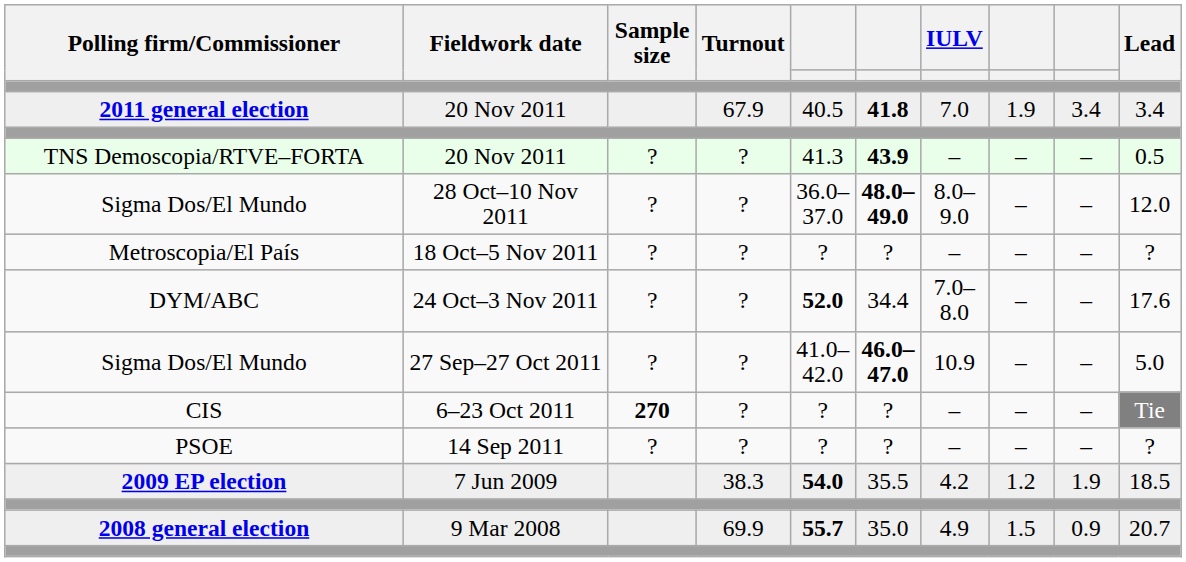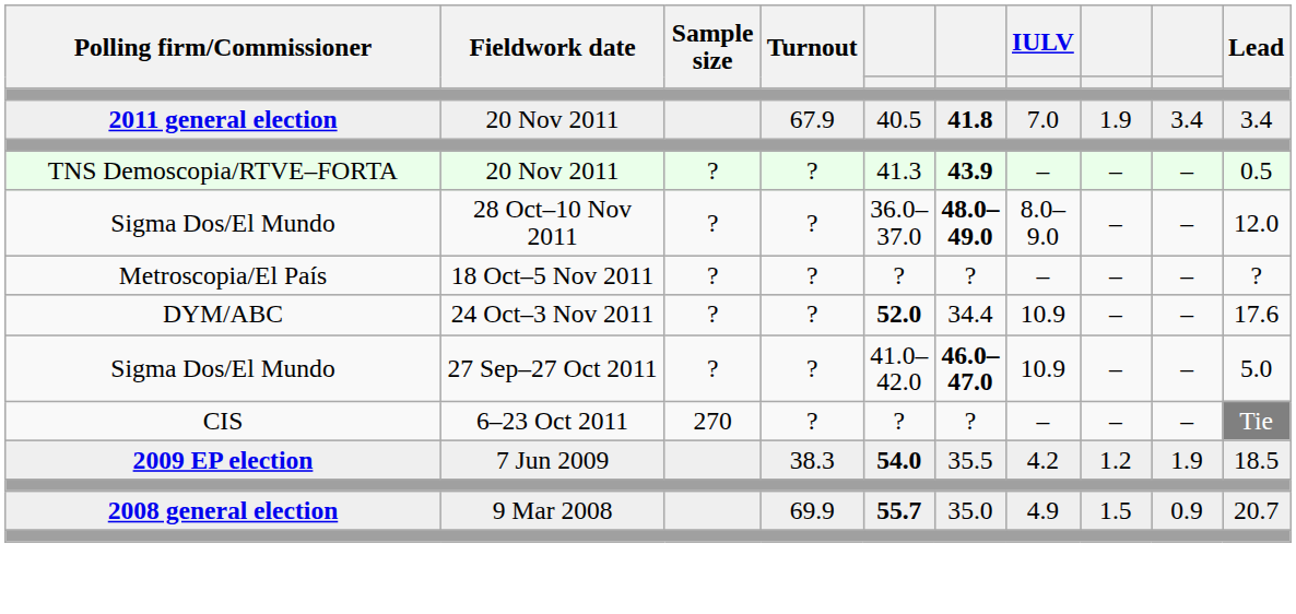 <table class="wikitable collapsible collapsed" style="text-align:center; font-size:95%; line-height:16px;">
 <tr style="height:42px;">
 <th style="width:250px;" rowspan="2">Polling firm/Commissioner</th>
 <th style="width:125px;" rowspan="2">Fieldwork date</th>
 <th style="width:50px;" rowspan="2">Sample size</th>
 <th style="width:45px;" rowspan="2">Turnout</th>
 <th style="width:35px;"></th>
 <th style="width:35px;"></th>
 <th style="width:35px;"><a href='#'>IULV</a></th>
 <th style="width:35px;"></th>
 <th style="width:35px;"></th>
 <th style="width:30px;" rowspan="2">Lead</th>
 </tr>
 <tr>
 <th style="color:inherit;background:"></th>
 <th style="color:inherit;background:"></th>
 <th style="color:inherit;background:"></th>
 <th style="color:inherit;background:"></th>
 <th style="color:inherit;background:"></th>
 </tr>
 <tr>
 <td colspan="10" style="background:#A0A0A0"></td>
 </tr>
 <tr style="background:#EFEFEF;">
 <td><strong><a href='#'>2011 general election</a></strong></td>
 <td>20 Nov 2011</td>
 <td></td>
 <td>67.9</td>
 <td>40.5<br></td>
 <td><strong>41.8</strong><br></td>
 <td>7.0<br></td>
 <td>1.9<br></td>
 <td>3.4<br></td>
 <td style="background:">3.4</td>
 </tr>
 <tr>
 <td colspan="10" style="background:#A0A0A0"></td>
 </tr>
 <tr style="background:#EAFFEA;">
 <td>TNS Demoscopia/RTVE–FORTA</td>
 <td>20 Nov 2011</td>
 <td>?</td>
 <td>?</td>
 <td>41.3<br></td>
 <td><strong>43.9</strong><br></td>
 <td>–</td>
 <td>–</td>
 <td>–</td>
 <td style="background:">0.5</td>
 </tr>
 <tr>
 <td>Sigma Dos/El Mundo</td>
 <td>28 Oct–10 Nov 2011</td>
 <td>?</td>
 <td>?</td>
 <td>36.0–<br>37.0<br></td>
 <td><strong>48.0–<br>49.0</strong><br></td>
 <td>8.0–<br>9.0<br></td>
 <td>–</td>
 <td>–</td>
 <td style="background:">12.0</td>
 </tr>
 <tr>
 <td>Metroscopia/El País</td>
 <td>18 Oct–5 Nov 2011</td>
 <td>?</td>
 <td>?</td>
 <td>?<br></td>
 <td>?<br></td>
 <td>–</td>
 <td>–</td>
 <td>–</td>
 <td style="background:">?</td>
 </tr>
 <tr>
 <td>DYM/ABC</td>
 <td>24 Oct–3 Nov 2011</td>
 <td>?</td>
 <td>?</td>
 <td><strong>52.0</strong><br></td>
 <td>34.4<br></td>
-<td>7.0–<br>8.0<br></td>
+<td>10.9<br></td>
 <td>–</td>
 <td>–</td>
 <td style="background:">17.6</td>
 </tr>
 <tr>
 <td>Sigma Dos/El Mundo</td>
 <td>27 Sep–27 Oct 2011</td>
 <td>?</td>
 <td>?</td>
 <td>41.0–<br>42.0<br></td>
 <td><strong>46.0–<br>47.0</strong><br></td>
 <td>10.9<br></td>
 <td>–</td>
 <td>–</td>
 <td style="background:">5.0</td>
 </tr>
 <tr>
 <td>CIS</td>
 <td>6–23 Oct 2011</td>
-<td><strong>270</strong></td>
+<td>270</td>
 <td>?</td>
 <td>?<br></td>
 <td>?<br></td>
 <td>–</td>
 <td>–</td>
 <td>–</td>
 <td style="background:gray; color:white;">Tie</td>
-</tr>
-<tr>
-<td>PSOE</td>
-<td>14 Sep 2011</td>
-<td>?</td>
-<td>?</td>
-<td>?<br></td>
-<td>?<br></td>
-<td>–</td>
-<td>–</td>
-<td>–</td>
-<td style="background:">?</td>
 </tr>
 <tr style="background:#EFEFEF;">
 <td><strong><a href='#'>2009 EP election</a></strong></td>
 <td>7 Jun 2009</td>
 <td></td>
 <td>38.3</td>
 <td><strong>54.0</strong><br></td>
 <td>35.5<br></td>
 <td>4.2<br></td>
 <td>1.2<br></td>
 <td>1.9<br></td>
 <td style="background:">18.5</td>
 </tr>
 <tr>
 <td colspan="10" style="background:#A0A0A0"></td>
 </tr>
 <tr style="background:#EFEFEF;">
 <td><strong><a href='#'>2008 general election</a></strong></td>
 <td>9 Mar 2008</td>
 <td></td>
 <td>69.9</td>
 <td><strong>55.7</strong><br></td>
 <td>35.0<br></td>
 <td>4.9<br></td>
 <td>1.5<br></td>
 <td>0.9<br></td>
 <td style="background:">20.7</td>
 </tr>
 <tr>
 <td colspan="10" style="background:#A0A0A0"></td>
 </tr>
 </table>
